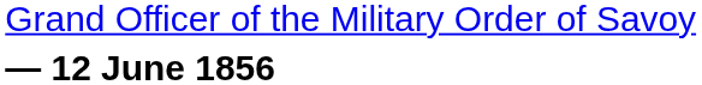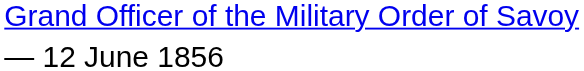 <table>
 <tr>
 <td rowspan=2 style="width:60px; vertical-align:top;"></td>
 <td><a href='#'>Grand Officer of the Military Order of Savoy</a></td>
 </tr>
 <tr>
-<td><strong>— 12 June 1856</strong></td>
+<td>— 12 June 1856</td>
 </tr>
 </table>
